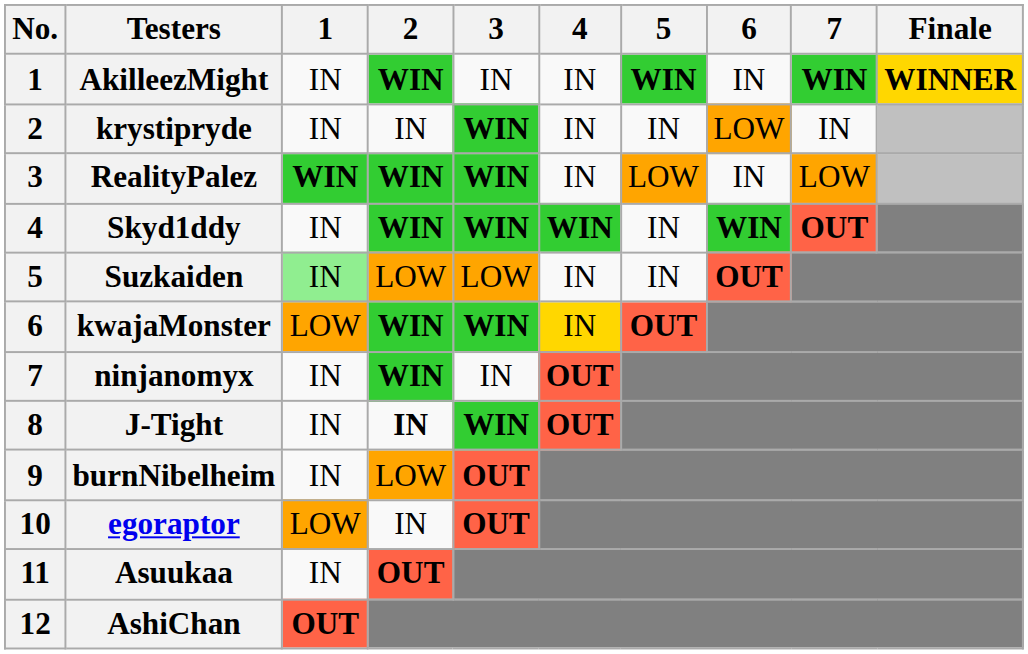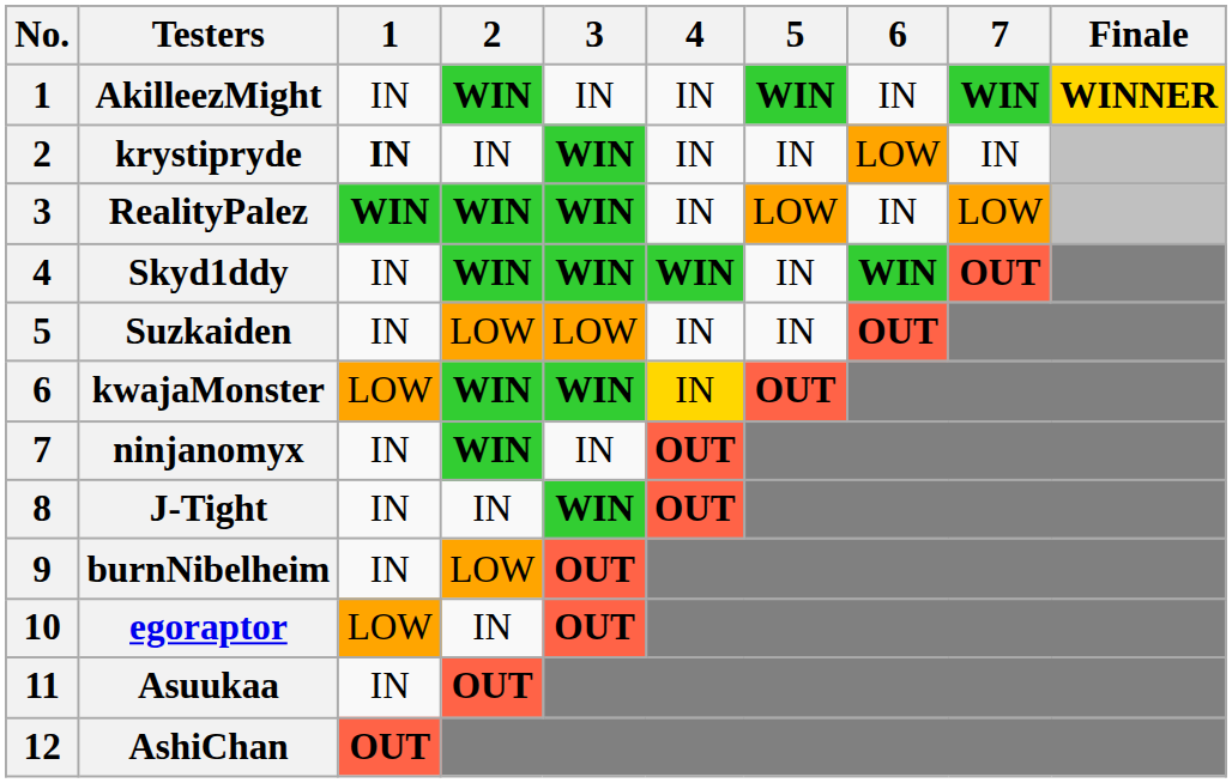 <table class="wikitable" style="text-align:center" align="center">
 <tr>
 <th>No.</th>
 <th>Testers</th>
 <th>1</th>
 <th>2</th>
 <th>3</th>
 <th>4</th>
 <th>5</th>
 <th>6</th>
 <th>7</th>
 <th>Finale</th>
 </tr>
 <tr>
 <th>1</th>
 <th>AkilleezMight</th>
 <td>IN</td>
 <td style="background:limegreen;"><strong>WIN</strong></td>
 <td>IN</td>
 <td>IN</td>
 <td style="background:limegreen;"><strong>WIN</strong></td>
 <td>IN</td>
 <td style="background:limegreen;"><strong>WIN</strong></td>
 <td style="background:gold;"><strong>WINNER</strong></td>
 </tr>
 <tr>
 <th>2</th>
 <th>krystipryde</th>
-<td>IN</td>
+<td><strong>IN</strong></td>
 <td>IN</td>
 <td style="background:limegreen;"><strong>WIN</strong></td>
 <td>IN</td>
 <td>IN</td>
 <td style="background:orange;">LOW</td>
 <td>IN</td>
 <td style="background:silver;"><strong></strong></td>
 </tr>
 <tr>
 <th>3</th>
 <th>RealityPalez</th>
 <td style="background:limegreen;"><strong>WIN</strong></td>
 <td style="background:limegreen;"><strong>WIN</strong></td>
 <td style="background:limegreen;"><strong>WIN</strong></td>
 <td>IN</td>
 <td style="background:orange;">LOW</td>
 <td>IN</td>
 <td style="background:orange;">LOW</td>
 <td style="background:silver;"><strong></strong></td>
 </tr>
 <tr>
 <th>4</th>
 <th>Skyd1ddy</th>
 <td>IN</td>
 <td style="background:limegreen;"><strong>WIN</strong></td>
 <td style="background:limegreen;"><strong>WIN</strong></td>
 <td style="background:limegreen;"><strong>WIN</strong></td>
 <td>IN</td>
 <td style="background:limegreen;"><strong>WIN</strong></td>
 <td style="background:tomato;"><strong>OUT</strong></td>
 <td colspan="2"  style="background:gray;"></td>
 </tr>
 <tr>
 <th>5</th>
 <th>Suzkaiden</th>
-<td style="background: lightgreen;">IN</td>
+<td>IN</td>
 <td style="background:Orange;">LOW</td>
 <td style="background:Orange;">LOW</td>
 <td>IN</td>
 <td>IN</td>
 <td style="background:tomato;"><strong>OUT</strong></td>
 <td colspan="3"  style="background:gray;"></td>
 </tr>
 <tr>
 <th>6</th>
 <th>kwajaMonster</th>
 <td style="background:Orange;">LOW</td>
 <td style="background:limegreen;"><strong>WIN</strong></td>
 <td style="background:limegreen;"><strong>WIN</strong></td>
 <td style="background: gold;">IN</td>
 <td style="background:tomato;"><strong>OUT</strong></td>
 <td colspan="4"  style="background:gray;"></td>
 </tr>
 <tr>
 <th>7</th>
 <th>ninjanomyx</th>
 <td>IN</td>
 <td style="background:limegreen;"><strong>WIN</strong></td>
 <td>IN</td>
 <td style="background:tomato;"><strong>OUT</strong></td>
 <td colspan="5"  style="background:gray;"></td>
 </tr>
 <tr>
 <th>8</th>
 <th>J-Tight</th>
 <td>IN</td>
-<td><strong>IN</strong></td>
+<td>IN</td>
 <td style="background:limegreen;"><strong>WIN</strong></td>
 <td style="background:tomato;"><strong>OUT</strong></td>
 <td colspan="5"  style="background:gray;"></td>
 </tr>
 <tr>
 <th>9</th>
 <th>burnNibelheim</th>
 <td>IN</td>
 <td style="background:Orange;">LOW</td>
 <td style="background:tomato;"><strong>OUT</strong></td>
 <td colspan="6"  style="background:gray;"></td>
 </tr>
 <tr>
 <th>10</th>
 <th><a href='#'>egoraptor</a></th>
 <td style="background:Orange;">LOW</td>
 <td>IN</td>
 <td style="background:tomato;"><strong>OUT</strong></td>
 <td colspan="6"  style="background:gray;"></td>
 </tr>
 <tr>
 <th>11</th>
 <th>Asuukaa</th>
 <td>IN</td>
 <td style="background: tomato;"><strong>OUT</strong></td>
 <td colspan="7"  style="background:gray;"></td>
 </tr>
 <tr>
 <th>12</th>
 <th>AshiChan</th>
 <td style="background:tomato;"><strong>OUT</strong></td>
 <td colspan="8"  style="background:gray;"></td>
 </tr>
 </table>
